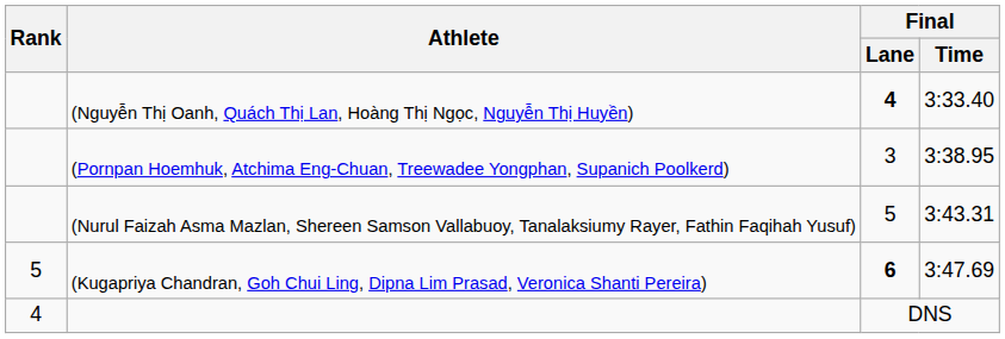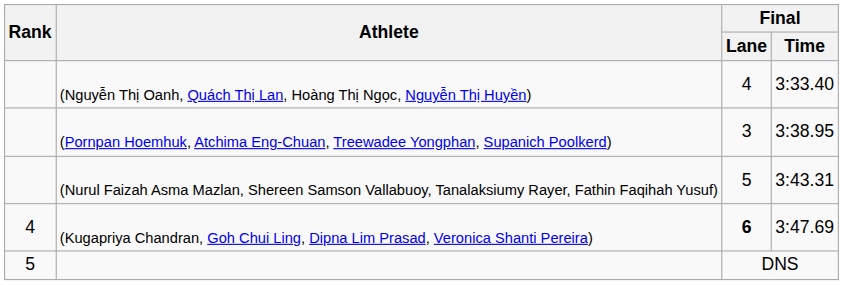 <table class="wikitable sortable"  style="text-align:center">
 <tr>
 <th rowspan="2" data-sort-type=number>Rank</th>
 <th rowspan="2">Athlete</th>
 <th colspan="2">Final</th>
 </tr>
 <tr>
 <th>Lane</th>
 <th>Time</th>
 </tr>
 <tr>
 <td></td>
 <td align="left"><br><small>(Nguyễn Thị Oanh, <a href='#'>Quách Thị Lan</a>, Hoàng Thị Ngọc, <a href='#'>Nguyễn Thị Huyền</a>)</small></td>
-<td><strong>4</strong></td>
+<td>4</td>
 <td>3:33.40</td>
 </tr>
 <tr>
 <td></td>
 <td align="left"><br><small>(<a href='#'>Pornpan Hoemhuk</a>, <a href='#'>Atchima Eng-Chuan</a>, <a href='#'>Treewadee Yongphan</a>, <a href='#'>Supanich Poolkerd</a>)</small></td>
 <td>3</td>
 <td>3:38.95</td>
 </tr>
 <tr>
 <td></td>
 <td align="left"><br><small>(Nurul Faizah Asma Mazlan, Shereen Samson Vallabuoy, Tanalaksiumy Rayer, Fathin Faqihah Yusuf)</small></td>
 <td>5</td>
 <td>3:43.31</td>
 </tr>
 <tr>
-<td>5</td>
+<td>4</td>
 <td align="left"><br><small>(Kugapriya Chandran, <a href='#'>Goh Chui Ling</a>, <a href='#'>Dipna Lim Prasad</a>, <a href='#'>Veronica Shanti Pereira</a>)</small></td>
 <td><strong>6</strong></td>
 <td>3:47.69</td>
 </tr>
 <tr>
-<td>4</td>
+<td>5</td>
 <td align="left"></td>
 <td colspan="2">DNS</td>
 </tr>
 </table>
